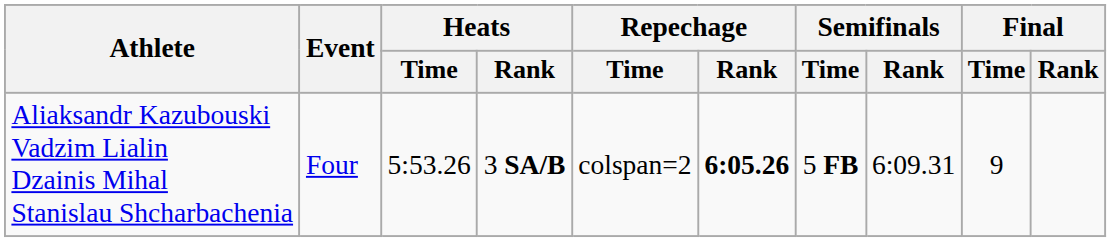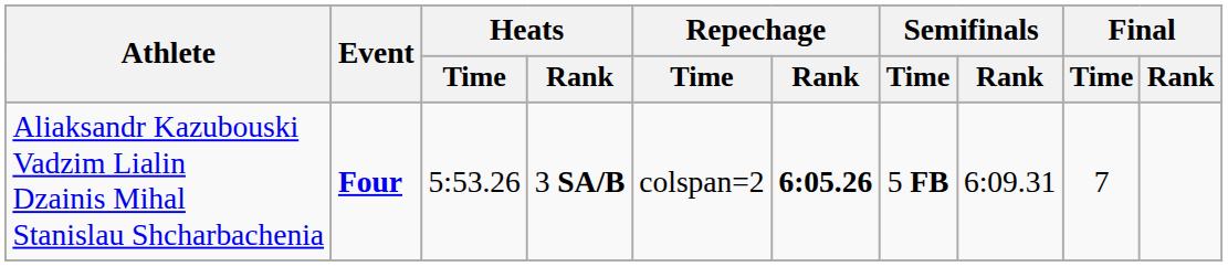 <table class="wikitable" style="font-size:90%">
 <tr>
 <th rowspan="2">Athlete</th>
 <th rowspan="2">Event</th>
 <th colspan="2">Heats</th>
 <th colspan="2">Repechage</th>
 <th colspan="2">Semifinals</th>
 <th colspan="2">Final</th>
 </tr>
 <tr style="font-size:95%">
 <th>Time</th>
 <th>Rank</th>
 <th>Time</th>
 <th>Rank</th>
 <th>Time</th>
 <th>Rank</th>
 <th>Time</th>
 <th>Rank</th>
 </tr>
 <tr align=center>
 <td align=left><a href='#'>Aliaksandr Kazubouski</a><br><a href='#'>Vadzim Lialin</a><br><a href='#'>Dzainis Mihal</a><br><a href='#'>Stanislau Shcharbachenia</a></td>
-<td align=left><a href='#'>Four</a></td>
+<td align=left><strong><a href='#'>Four</a></strong></td>
 <td>5:53.26</td>
 <td>3 <strong>SA/B</strong></td>
 <td>colspan=2 </td>
 <td><strong>6:05.26</strong></td>
 <td>5 <strong>FB</strong></td>
 <td>6:09.31</td>
-<td>9</td>
+<td>7</td>
 </tr>
 </table>
